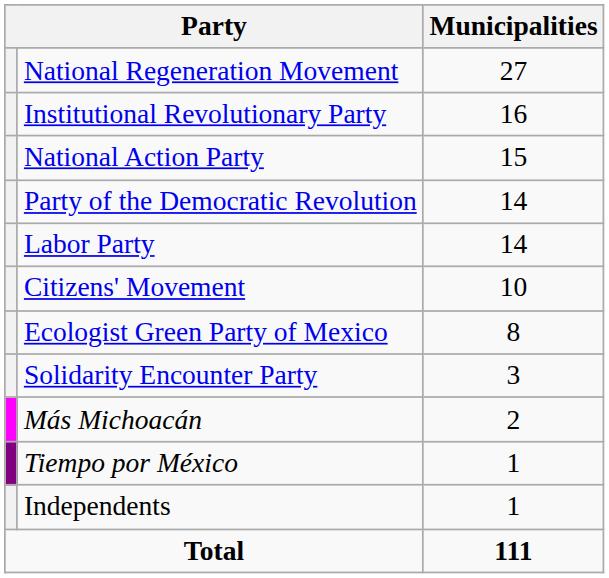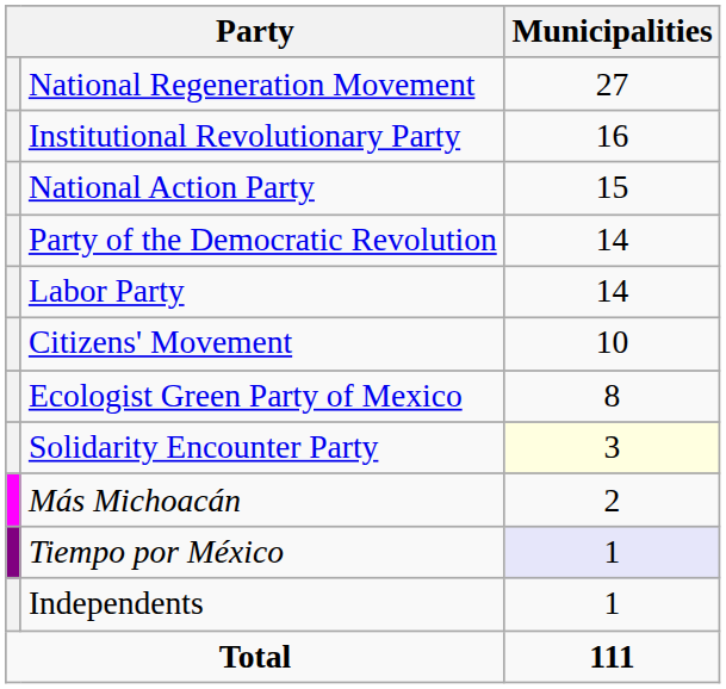 <table class="wikitable" style="text-align:center;">
 <tr>
 <th colspan="2">Party</th>
 <th>Municipalities</th>
 </tr>
 <tr>
 <th style="background-color:"></th>
 <td style="text-align:left;"><a href='#'>National Regeneration Movement</a></td>
 <td>27</td>
 </tr>
 <tr>
 <th style="background-color:"></th>
 <td style="text-align:left;"><a href='#'>Institutional Revolutionary Party</a></td>
 <td>16</td>
 </tr>
 <tr>
 <th style="background-color:"></th>
 <td style="text-align:left;"><a href='#'>National Action Party</a></td>
 <td>15</td>
 </tr>
 <tr>
 <th style="background-color:"></th>
 <td style="text-align:left;"><a href='#'>Party of the Democratic Revolution</a></td>
 <td>14</td>
 </tr>
 <tr>
 <th style="background-color:"></th>
 <td style="text-align:left;"><a href='#'>Labor Party</a></td>
 <td>14</td>
 </tr>
 <tr>
 <th style="background-color:"></th>
 <td style="text-align:left;"><a href='#'>Citizens' Movement</a></td>
 <td>10</td>
 </tr>
 <tr>
 <th style="background-color:"></th>
 <td style="text-align:left;"><a href='#'>Ecologist Green Party of Mexico</a></td>
 <td>8</td>
 </tr>
 <tr>
 <th style="background-color:"></th>
 <td style="text-align:left;"><a href='#'>Solidarity Encounter Party</a></td>
-<td>3</td>
+<td style="background: lightyellow;">3</td>
 </tr>
 <tr>
 <th style="background-color:#ff00ff;"></th>
 <td style="text-align:left;"><em>Más Michoacán</em></td>
 <td>2</td>
 </tr>
 <tr>
 <th style="background-color:#800080;"></th>
 <td style="text-align:left;"><em>Tiempo por México</em></td>
-<td>1</td>
+<td style="background: lavender;">1</td>
 </tr>
 <tr>
 <th style="background-color:"></th>
 <td style="text-align:left;">Independents</td>
 <td>1</td>
 </tr>
 <tr>
 <td colspan="2"><strong>Total</strong></td>
 <td><strong>111</strong></td>
 </tr>
 </table>
